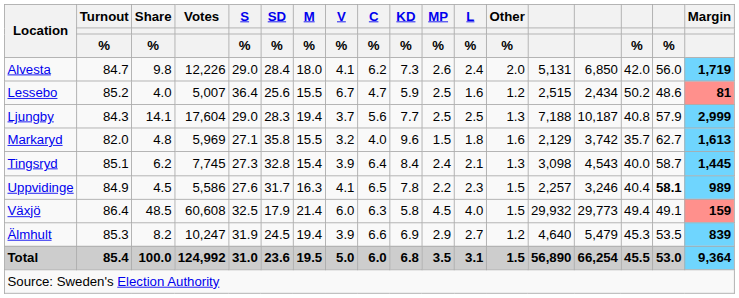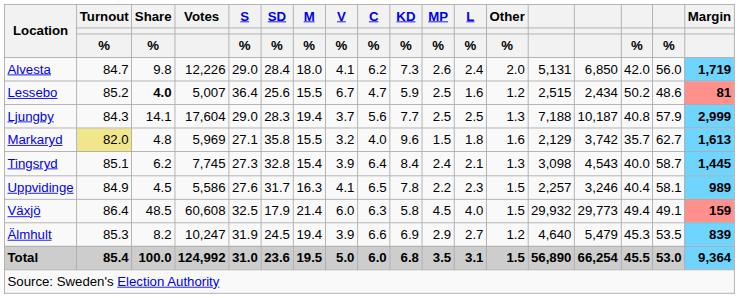 <table class="wikitable sortable" style="text-align:right; font-size:95%; line-height:20px;">
 <tr>
 <th rowspan="3">Location</th>
 <th>Turnout</th>
 <th>Share</th>
 <th>Votes</th>
 <th width="30px" class="unsortable"><a href='#'>S</a></th>
 <th width="30px" class="unsortable"><a href='#'>SD</a></th>
 <th width="30px" class="unsortable"><a href='#'>M</a></th>
 <th width="30px" class="unsortable"><a href='#'>V</a></th>
 <th width="30px" class="unsortable"><a href='#'>C</a></th>
 <th width="30px" class="unsortable"><a href='#'>KD</a></th>
 <th width="30px" class="unsortable"><a href='#'>MP</a></th>
 <th width="30px" class="unsortable"><a href='#'>L</a></th>
 <th width="30px" class="unsortable">Other</th>
 <th></th>
 <th></th>
 <th></th>
 <th></th>
 <th>Margin</th>
 </tr>
 <tr>
 <th></th>
 <th></th>
 <th></th>
 <th style="background:"></th>
 <th style="background:"></th>
 <th style="background:"></th>
 <th style="background:"></th>
 <th style="background:"></th>
 <th style="background:"></th>
 <th style="background:"></th>
 <th style="background:"></th>
 <th style="background:"></th>
 <th style="background:"></th>
 <th style="background:"></th>
 <th style="background:"></th>
 <th style="background:"></th>
 <th></th>
 </tr>
 <tr>
 <th data-sort-type="number">%</th>
 <th data-sort-type="number">%</th>
 <th></th>
 <th data-sort-type="number">%</th>
 <th data-sort-type="number">%</th>
 <th data-sort-type="number">%</th>
 <th data-sort-type="number">%</th>
 <th data-sort-type="number">%</th>
 <th data-sort-type="number">%</th>
 <th data-sort-type="number">%</th>
 <th data-sort-type="number">%</th>
 <th data-sort-type="number">%</th>
 <th data-sort-type="number"></th>
 <th data-sort-type="number"></th>
 <th data-sort-type="number">%</th>
 <th data-sort-type="number">%</th>
 <th data-sort-type="number"></th>
 </tr>
 <tr>
 <td align="left"><a href='#'>Alvesta</a></td>
 <td>84.7</td>
 <td>9.8</td>
 <td>12,226</td>
 <td>29.0</td>
 <td>28.4</td>
 <td>18.0</td>
 <td>4.1</td>
 <td>6.2</td>
 <td>7.3</td>
 <td>2.6</td>
 <td>2.4</td>
 <td>2.0</td>
 <td>5,131</td>
 <td>6,850</td>
 <td>42.0</td>
 <td>56.0</td>
 <td bgcolor=#6fd5fe><strong>1,719</strong></td>
 </tr>
 <tr>
 <td align="left"><a href='#'>Lessebo</a></td>
 <td>85.2</td>
-<td>4.0</td>
+<td><strong>4.0</strong></td>
 <td>5,007</td>
 <td>36.4</td>
 <td>25.6</td>
 <td>15.5</td>
 <td>6.7</td>
 <td>4.7</td>
 <td>5.9</td>
 <td>2.5</td>
 <td>1.6</td>
 <td>1.2</td>
 <td>2,515</td>
 <td>2,434</td>
 <td>50.2</td>
 <td>48.6</td>
 <td bgcolor=#ff908c><strong>81</strong></td>
 </tr>
 <tr>
 <td align="left"><a href='#'>Ljungby</a></td>
 <td>84.3</td>
 <td>14.1</td>
 <td>17,604</td>
 <td>29.0</td>
 <td>28.3</td>
 <td>19.4</td>
 <td>3.7</td>
 <td>5.6</td>
 <td>7.7</td>
 <td>2.5</td>
 <td>2.5</td>
 <td>1.3</td>
 <td>7,188</td>
 <td>10,187</td>
 <td>40.8</td>
 <td>57.9</td>
 <td bgcolor=#6fd5fe><strong>2,999</strong></td>
 </tr>
 <tr>
 <td align="left"><a href='#'>Markaryd</a></td>
-<td>82.0</td>
+<td style="background: khaki;">82.0</td>
 <td>4.8</td>
 <td>5,969</td>
 <td>27.1</td>
 <td>35.8</td>
 <td>15.5</td>
 <td>3.2</td>
 <td>4.0</td>
 <td>9.6</td>
 <td>1.5</td>
 <td>1.8</td>
 <td>1.6</td>
 <td>2,129</td>
 <td>3,742</td>
 <td>35.7</td>
 <td>62.7</td>
 <td bgcolor=#6fd5fe><strong>1,613</strong></td>
 </tr>
 <tr>
 <td align="left"><a href='#'>Tingsryd</a></td>
 <td>85.1</td>
 <td>6.2</td>
 <td>7,745</td>
 <td>27.3</td>
 <td>32.8</td>
 <td>15.4</td>
 <td>3.9</td>
 <td>6.4</td>
 <td>8.4</td>
 <td>2.4</td>
 <td>2.1</td>
 <td>1.3</td>
 <td>3,098</td>
 <td>4,543</td>
 <td>40.0</td>
 <td>58.7</td>
 <td bgcolor=#6fd5fe><strong>1,445</strong></td>
 </tr>
 <tr>
 <td align="left"><a href='#'>Uppvidinge</a></td>
 <td>84.9</td>
 <td>4.5</td>
 <td>5,586</td>
 <td>27.6</td>
 <td>31.7</td>
 <td>16.3</td>
 <td>4.1</td>
 <td>6.5</td>
 <td>7.8</td>
 <td>2.2</td>
 <td>2.3</td>
 <td>1.5</td>
 <td>2,257</td>
 <td>3,246</td>
 <td>40.4</td>
-<td><strong>58.1</strong></td>
+<td>58.1</td>
 <td bgcolor=#6fd5fe><strong>989</strong></td>
 </tr>
 <tr>
 <td align="left"><a href='#'>Växjö</a></td>
 <td>86.4</td>
 <td>48.5</td>
 <td>60,608</td>
 <td>32.5</td>
 <td>17.9</td>
 <td>21.4</td>
 <td>6.0</td>
 <td>6.3</td>
 <td>5.8</td>
 <td>4.5</td>
 <td>4.0</td>
 <td>1.5</td>
 <td>29,932</td>
 <td>29,773</td>
 <td>49.4</td>
 <td>49.1</td>
 <td bgcolor=#ff908c><strong>159</strong></td>
 </tr>
 <tr>
 <td align="left"><a href='#'>Älmhult</a></td>
 <td>85.3</td>
 <td>8.2</td>
 <td>10,247</td>
 <td>31.9</td>
 <td>24.5</td>
 <td>19.4</td>
 <td>3.9</td>
 <td>6.6</td>
 <td>6.9</td>
 <td>2.9</td>
 <td>2.7</td>
 <td>1.2</td>
 <td>4,640</td>
 <td>5,479</td>
 <td>45.3</td>
 <td>53.5</td>
 <td bgcolor=#6fd5fe><strong>839</strong></td>
 </tr>
 <tr style="background:#CDCDCD;">
 <td align="left"><strong>Total</strong></td>
 <td><strong>85.4</strong></td>
 <td><strong>100.0</strong></td>
 <td><strong>124,992</strong></td>
 <td><strong>31.0</strong></td>
 <td><strong>23.6</strong></td>
 <td><strong>19.5</strong></td>
 <td><strong>5.0</strong></td>
 <td><strong>6.0</strong></td>
 <td><strong>6.8</strong></td>
 <td><strong>3.5</strong></td>
 <td><strong>3.1</strong></td>
 <td><strong>1.5</strong></td>
 <td><strong>56,890</strong></td>
 <td><strong>66,254</strong></td>
 <td><strong>45.5</strong></td>
 <td><strong>53.0</strong></td>
 <td bgcolor=#6fd5fe><strong>9,364</strong></td>
 </tr>
 <tr>
 <td colspan="18" align="left">Source: Sweden's <a href='#'>Election Authority</a></td>
 </tr>
 </table>
